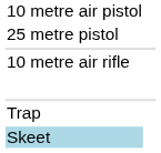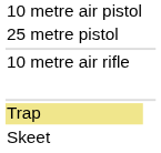 <table>
 <tr>
 <td>10 metre air pistol <br></td>
 <td></td>
 <td></td>
 <td></td>
 </tr>
 <tr>
 <td>25 metre pistol <br></td>
 <td></td>
 <td></td>
 <td></td>
 </tr>
 <tr bgcolor=#DDDDDD>
 <td colspan=7></td>
 </tr>
 <tr>
 <td>10 metre air rifle <br></td>
 <td></td>
 <td></td>
 <td></td>
 </tr>
 <tr>
 <td><br></td>
 <td></td>
 <td></td>
 <td></td>
 </tr>
 <tr bgcolor=#DDDDDD>
 <td colspan=7></td>
 </tr>
 <tr>
-<td>Trap <br></td>
+<td style="background: khaki;">Trap <br></td>
 <td></td>
 <td></td>
 <td></td>
 </tr>
 <tr>
-<td style="background: lightblue;">Skeet <br></td>
+<td>Skeet <br></td>
 <td></td>
 <td></td>
 <td></td>
 </tr>
 </table>
